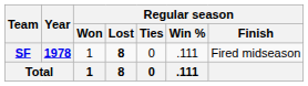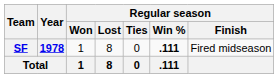 <table class="wikitable" style="font-size: 95%; text-align:center;">
 <tr>
 <th rowspan="2">Team</th>
 <th rowspan="2">Year</th>
 <th colspan="5">Regular season</th>
 </tr>
 <tr>
 <th>Won</th>
 <th>Lost</th>
 <th>Ties</th>
 <th>Win %</th>
 <th>Finish</th>
 </tr>
 <tr>
 <th><a href='#'>SF</a></th>
 <th><a href='#'>1978</a></th>
 <td>1</td>
-<td><strong>8</strong></td>
+<td>8</td>
 <td>0</td>
-<td>.111</td>
+<td><strong>.111</strong></td>
 <td>Fired midseason</td>
 </tr>
 <tr>
 <th colspan="2">Total</th>
 <th>1</th>
 <th>8</th>
 <th>0</th>
 <th>.111</th>
 <th></th>
 </tr>
 </table>
